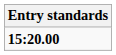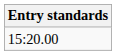 <table class="wikitable" border="1" align="upright">
 <tr>
 <th>Entry standards</th>
 </tr>
 <tr>
-<td><strong>15:20.00</strong></td>
+<td>15:20.00</td>
 </tr>
 </table>
